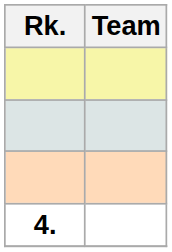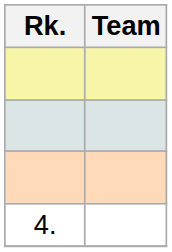 <table class="wikitable">
 <tr>
 <th style="border-bottom:1px solid #AAAAAA" width=40>Rk.</th>
 <th style="border-bottom:1px solid #AAAAAA">Team</th>
 </tr>
 <tr bgcolor="#F7F6A8">
 <td align="center" style="height:23px"></td>
 <td><strong></strong></td>
 </tr>
 <tr bgcolor="#DCE5E5">
 <td align="center" style="height:23px"></td>
 <td></td>
 </tr>
 <tr bgcolor="#FFDAB9">
 <td align="center" style="height:23px"></td>
 <td></td>
 </tr>
 <tr style="background:#ffffff;">
-<td align="center"><strong>4.</strong></td>
+<td align="center">4.</td>
 <td></td>
 </tr>
 <tr style="background:#ffffff;">
 </tr>
 </table>
